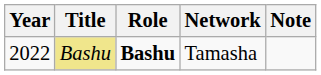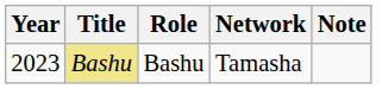 <table class="wikitable">
 <tr>
 <th>Year</th>
 <th>Title</th>
 <th>Role</th>
 <th>Network</th>
 <th>Note</th>
 </tr>
 <tr>
-<td>2022</td>
+<td>2023</td>
 <td style="background: khaki;"><em>Bashu</em></td>
-<td><strong>Bashu</strong></td>
+<td>Bashu</td>
 <td>Tamasha</td>
 <td></td>
 </tr>
 </table>
